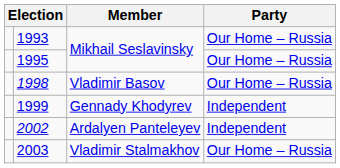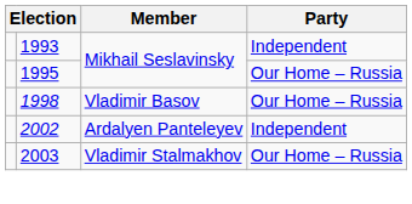 <table class="wikitable">
 <tr>
 <th colspan="2">Election</th>
 <th>Member</th>
 <th>Party</th>
 </tr>
 <tr>
 <td style="background-color:"></td>
 <td><a href='#'>1993</a></td>
 <td rowspan=2><a href='#'>Mikhail Seslavinsky</a></td>
-<td><a href='#'>Our Home – Russia</a></td>
+<td><a href='#'>Independent</a></td>
 </tr>
 <tr>
 <td style="background-color:"></td>
 <td><a href='#'>1995</a></td>
 <td><a href='#'>Our Home – Russia</a></td>
 </tr>
 <tr>
 <td style="background-color:"></td>
 <td><em><a href='#'>1998</a></em></td>
 <td><a href='#'>Vladimir Basov</a></td>
 <td><a href='#'>Our Home – Russia</a></td>
 </tr>
 <tr>
 <td style="background-color:"></td>
-<td><a href='#'>1999</a></td>
-<td><a href='#'>Gennady Khodyrev</a></td>
-<td><a href='#'>Independent</a></td>
-</tr>
-<tr>
-<td style="background-color:"></td>
 <td><em><a href='#'>2002</a></em></td>
 <td><a href='#'>Ardalyen Panteleyev</a></td>
 <td><a href='#'>Independent</a></td>
 </tr>
 <tr>
 <td style="background-color:"></td>
 <td><a href='#'>2003</a></td>
 <td><a href='#'>Vladimir Stalmakhov</a></td>
 <td><a href='#'>Our Home – Russia</a></td>
 </tr>
 </table>
